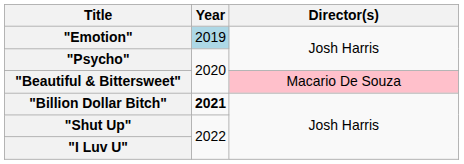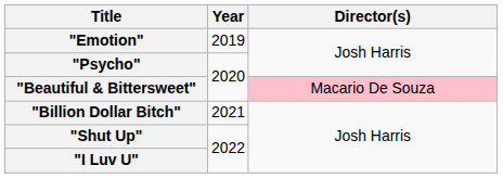 <table class="wikitable plainrowheaders" style="text-align:center;">
 <tr>
 <th scope="col" style="width:13em;">Title</th>
 <th scope="col">Year</th>
 <th scope="col" style="width:16em;">Director(s)</th>
 </tr>
 <tr>
 <th scope="row">"Emotion"</th>
-<td style="background: lightblue;">2019</td>
+<td>2019</td>
 <td rowspan="2">Josh Harris</td>
 </tr>
 <tr>
 <th scope="row">"Psycho"</th>
 <td rowspan="2">2020</td>
 </tr>
 <tr>
 <th scope="row">"Beautiful & Bittersweet"</th>
 <td style="background: pink;">Macario De Souza</td>
 </tr>
 <tr>
 <th scope="row">"Billion Dollar Bitch"</th>
-<td><strong>2021</strong></td>
+<td>2021</td>
 <td rowspan="3">Josh Harris</td>
 </tr>
 <tr>
 <th scope="row">"Shut Up"</th>
 <td rowspan="2">2022</td>
 </tr>
 <tr>
 <th scope="row">"I Luv U"</th>
 </tr>
 </table>
